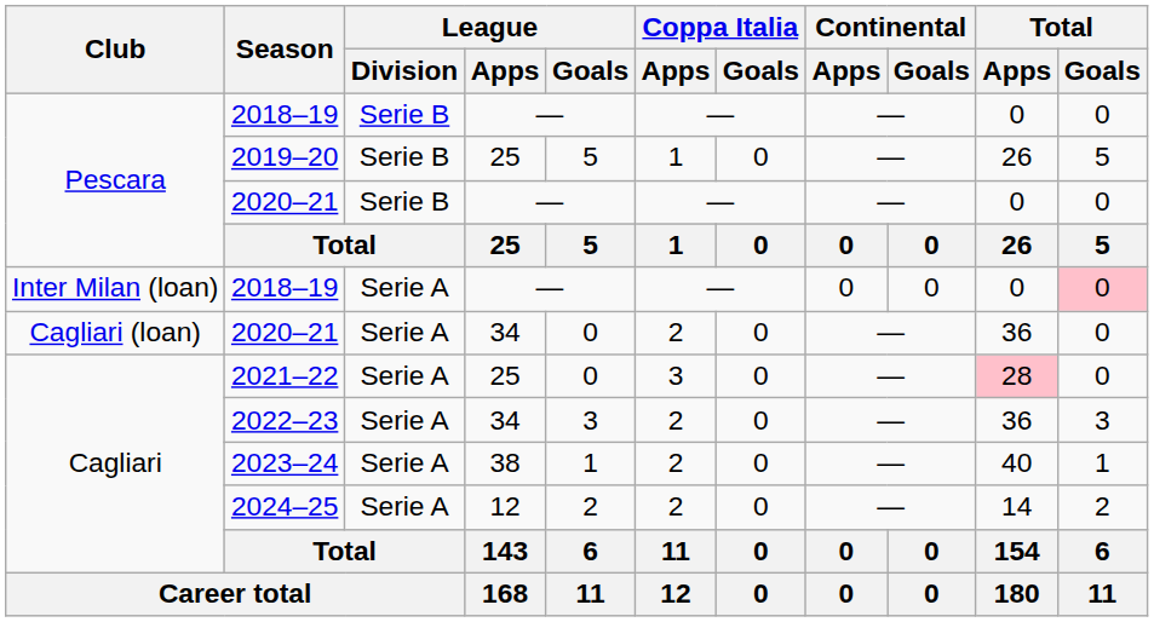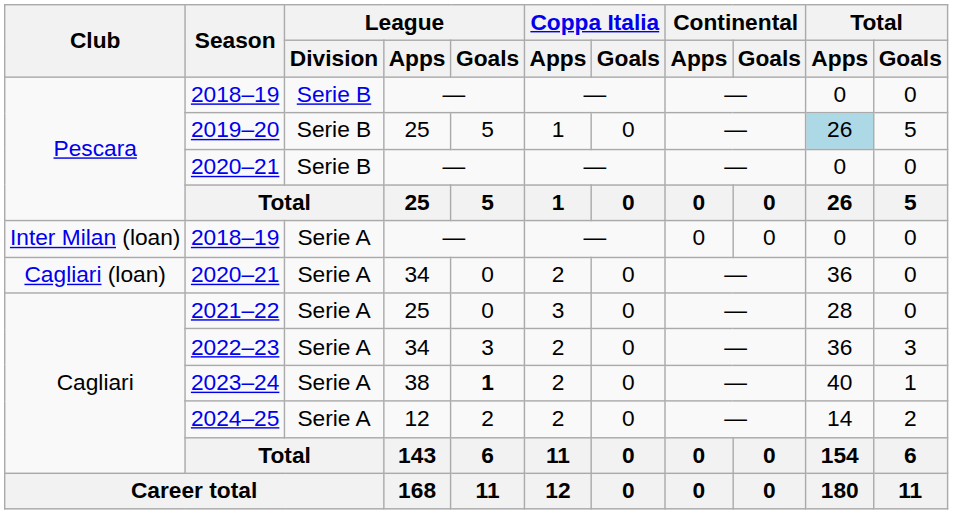 <table class="wikitable" style="text-align:center">
 <tr>
 <th rowspan="2">Club</th>
 <th rowspan="2">Season</th>
 <th colspan="3">League</th>
 <th colspan="2"><a href='#'>Coppa Italia</a></th>
 <th colspan="2">Continental</th>
 <th colspan="2">Total</th>
 </tr>
 <tr>
 <th>Division</th>
 <th>Apps</th>
 <th>Goals</th>
 <th>Apps</th>
 <th>Goals</th>
 <th>Apps</th>
 <th>Goals</th>
 <th>Apps</th>
 <th>Goals</th>
 </tr>
 <tr>
 <td rowspan="4"><a href='#'>Pescara</a></td>
 <td><a href='#'>2018–19</a></td>
 <td><a href='#'>Serie B</a></td>
 <td colspan="2">—</td>
 <td colspan="2">—</td>
 <td colspan="2">—</td>
 <td>0</td>
 <td>0</td>
 </tr>
 <tr>
 <td><a href='#'>2019–20</a></td>
 <td>Serie B</td>
 <td>25</td>
 <td>5</td>
 <td>1</td>
 <td>0</td>
 <td colspan="2">—</td>
-<td>26</td>
+<td style="background: lightblue;">26</td>
 <td>5</td>
 </tr>
 <tr>
 <td><a href='#'>2020–21</a></td>
 <td>Serie B</td>
 <td colspan="2">—</td>
 <td colspan="2">—</td>
 <td colspan="2">—</td>
 <td>0</td>
 <td>0</td>
 </tr>
 <tr>
 <th colspan="2">Total</th>
 <th>25</th>
 <th>5</th>
 <th>1</th>
 <th>0</th>
 <th>0</th>
 <th>0</th>
 <th>26</th>
 <th>5</th>
 </tr>
 <tr>
 <td><a href='#'>Inter Milan</a> (loan)</td>
 <td><a href='#'>2018–19</a></td>
 <td>Serie A</td>
 <td colspan="2">—</td>
 <td colspan="2">—</td>
 <td>0</td>
 <td>0</td>
 <td>0</td>
-<td style="background: pink;">0</td>
+<td>0</td>
 </tr>
 <tr>
 <td><a href='#'>Cagliari</a> (loan)</td>
 <td><a href='#'>2020–21</a></td>
 <td>Serie A</td>
 <td>34</td>
 <td>0</td>
 <td>2</td>
 <td>0</td>
 <td colspan="2">—</td>
 <td>36</td>
 <td>0</td>
 </tr>
 <tr>
 <td rowspan="5">Cagliari</td>
 <td><a href='#'>2021–22</a></td>
 <td>Serie A</td>
 <td>25</td>
 <td>0</td>
 <td>3</td>
 <td>0</td>
 <td colspan="2">—</td>
-<td style="background: pink;">28</td>
+<td>28</td>
 <td>0</td>
 </tr>
 <tr>
 <td><a href='#'>2022–23</a></td>
 <td>Serie A</td>
 <td>34</td>
 <td>3</td>
 <td>2</td>
 <td>0</td>
 <td colspan="2">—</td>
 <td>36</td>
 <td>3</td>
 </tr>
 <tr>
 <td><a href='#'>2023–24</a></td>
 <td>Serie A</td>
 <td>38</td>
-<td>1</td>
+<td><strong>1</strong></td>
 <td>2</td>
 <td>0</td>
 <td colspan="2">—</td>
 <td>40</td>
 <td>1</td>
 </tr>
 <tr>
 <td><a href='#'>2024–25</a></td>
 <td>Serie A</td>
 <td>12</td>
 <td>2</td>
 <td>2</td>
 <td>0</td>
 <td colspan="2">—</td>
 <td>14</td>
 <td>2</td>
 </tr>
 <tr>
 <th colspan="2">Total</th>
 <th>143</th>
 <th>6</th>
 <th>11</th>
 <th>0</th>
 <th>0</th>
 <th>0</th>
 <th>154</th>
 <th>6</th>
 </tr>
 <tr>
 <th colspan="3">Career total</th>
 <th>168</th>
 <th>11</th>
 <th>12</th>
 <th>0</th>
 <th>0</th>
 <th>0</th>
 <th>180</th>
 <th>11</th>
 </tr>
 </table>
